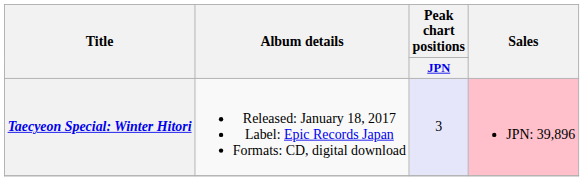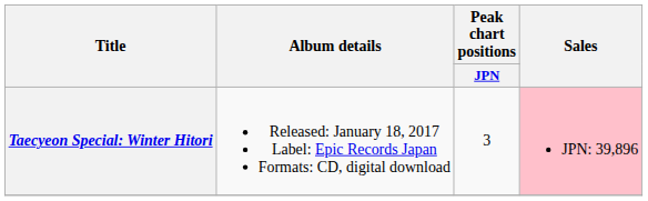 <table class="wikitable plainrowheaders" style="text-align:center;">
 <tr>
 <th rowspan="2">Title</th>
 <th rowspan="2">Album details</th>
 <th>Peak chart positions</th>
 <th rowspan="2">Sales</th>
 </tr>
 <tr>
 <th scope="col" style="width:2.5em;font-size:90%;"><a href='#'>JPN</a><br></th>
 </tr>
 <tr>
 <th scope="row"><em><a href='#'>Taecyeon Special: Winter Hitori</a></em></th>
 <td><br><ul><li>Released: January 18, 2017</li><li>Label: <a href='#'>Epic Records Japan</a></li><li>Formats: CD, digital download</li></ul></td>
-<td style="background: lavender;">3</td>
+<td>3</td>
 <td style="background: pink;"><br><ul><li>JPN: 39,896</li></ul></td>
 </tr>
 <tr>
 </tr>
 </table>
